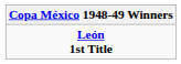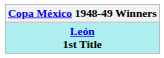 <table class="wikitable" style="text-align: center; margin: 0 auto;">
 <tr>
 <th><a href='#'>Copa México</a> 1948-49 Winners</th>
 </tr>
 <tr>
-<td><strong><a href='#'>León</a></strong><br><strong>1st Title</strong></td>
+<td style="background: paleturquoise;"><strong><a href='#'>León</a></strong><br><strong>1st Title</strong></td>
 </tr>
 </table>
